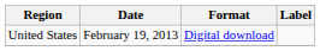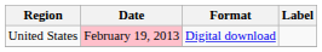 <table class=wikitable>
 <tr>
 <th>Region</th>
 <th>Date</th>
 <th>Format</th>
 <th>Label</th>
 </tr>
 <tr>
 <td>United States</td>
-<td>February 19, 2013</td>
+<td style="background: pink;">February 19, 2013</td>
 <td><a href='#'>Digital download</a></td>
 <td></td>
 </tr>
 <tr>
 </tr>
 </table>
